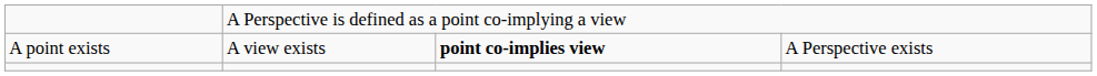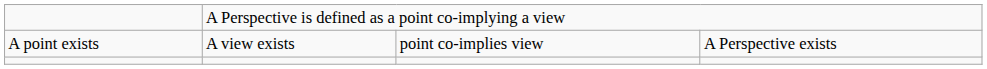 <table class="wikitable" style="width: 60%">
 <tr>
 <td></td>
 <td colspan=3>A Perspective is defined as a point co-implying a view</td>
 </tr>
 <tr>
 <td>A point exists</td>
 <td>A view exists</td>
-<td><strong>point co-implies view</strong></td>
+<td>point co-implies view</td>
 <td>A Perspective exists</td>
 </tr>
 <tr>
 <td><div></div></td>
 <td><div></div></td>
 <td><div></div></td>
 <td><div></div></td>
 </tr>
 </table>
